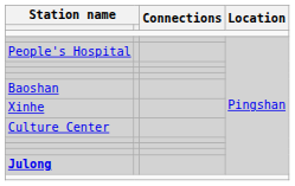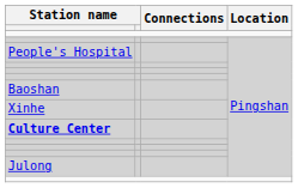 <table class="wikitable">
 <tr>
 <th colspan="2">Station name</th>
 <th rowspan="2">Connections</th>
 <th rowspan="2">Location</th>
 </tr>
 <tr>
 <th></th>
 <th></th>
 </tr>
 <tr style="background:#">
 <td colspan = "7"></td>
 </tr>
 <tr bgcolor="lightgrey">
 <td></td>
 <td></td>
 <td></td>
 <td rowspan=12><a href='#'>Pingshan</a></td>
 </tr>
 <tr bgcolor="lightgrey">
 <td><a href='#'>People's Hospital</a></td>
 <td></td>
 <td></td>
 </tr>
 <tr bgcolor="lightgrey">
 <td></td>
 <td></td>
 <td></td>
 </tr>
 <tr bgcolor="lightgrey">
 <td></td>
 <td></td>
 <td></td>
 </tr>
 <tr bgcolor="lightgrey">
 <td></td>
 <td></td>
 <td></td>
 </tr>
 <tr bgcolor="lightgrey">
 <td><a href='#'>Baoshan</a></td>
 <td></td>
 <td></td>
 </tr>
 <tr bgcolor="lightgrey">
 <td><a href='#'>Xinhe</a></td>
 <td></td>
 <td></td>
 </tr>
 <tr bgcolor="lightgrey">
-<td><a href='#'>Culture Center</a></td>
+<td><strong><a href='#'>Culture Center</a></strong></td>
 <td></td>
 <td></td>
 </tr>
 <tr bgcolor="lightgrey">
 <td></td>
 <td></td>
 <td></td>
 </tr>
 <tr bgcolor="lightgrey">
 <td></td>
 <td></td>
 <td></td>
 </tr>
 <tr bgcolor="lightgrey">
 <td></td>
 <td></td>
 <td></td>
 </tr>
 <tr bgcolor="lightgrey">
-<td><strong><a href='#'>Julong</a></strong></td>
+<td><a href='#'>Julong</a></td>
 <td></td>
 <td></td>
 </tr>
 <tr style="background:#">
 <td colspan = "7"></td>
 </tr>
 </table>
